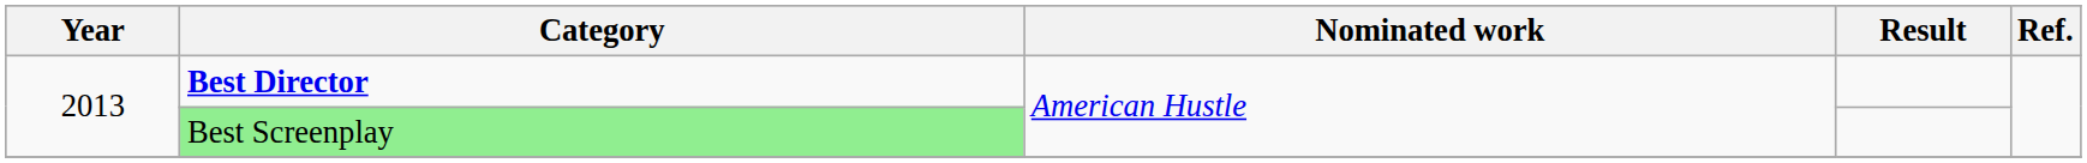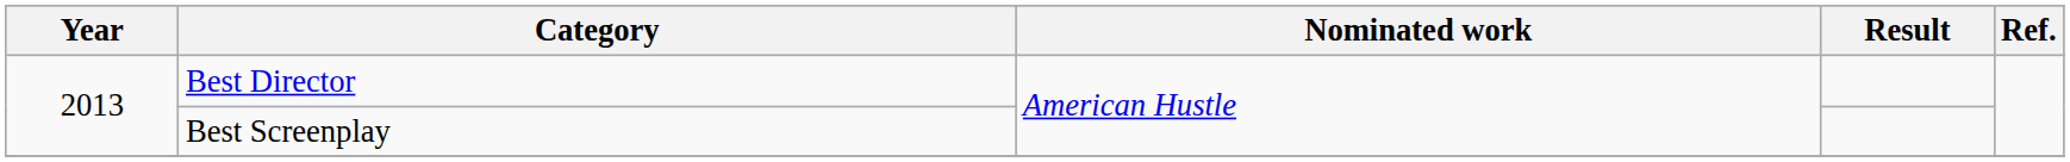 <table class=wikitable>
 <tr>
 <th scope="col" style="width:5em;">Year</th>
 <th scope="col" style="width:26em;">Category</th>
 <th scope="col" style="width:25em;">Nominated work</th>
 <th scope="col" style="width:5em;">Result</th>
 <th>Ref.</th>
 </tr>
 <tr>
 <td style="text-align:center;", rowspan=2>2013</td>
-<td><strong><a href='#'>Best Director</a></strong></td>
+<td><a href='#'>Best Director</a></td>
 <td rowspan=2><em><a href='#'>American Hustle</a></em></td>
 <td></td>
 <td rowspan=2></td>
 </tr>
 <tr>
-<td style="background: lightgreen;">Best Screenplay</td>
+<td>Best Screenplay</td>
 <td></td>
 </tr>
 <tr>
 </tr>
 </table>
